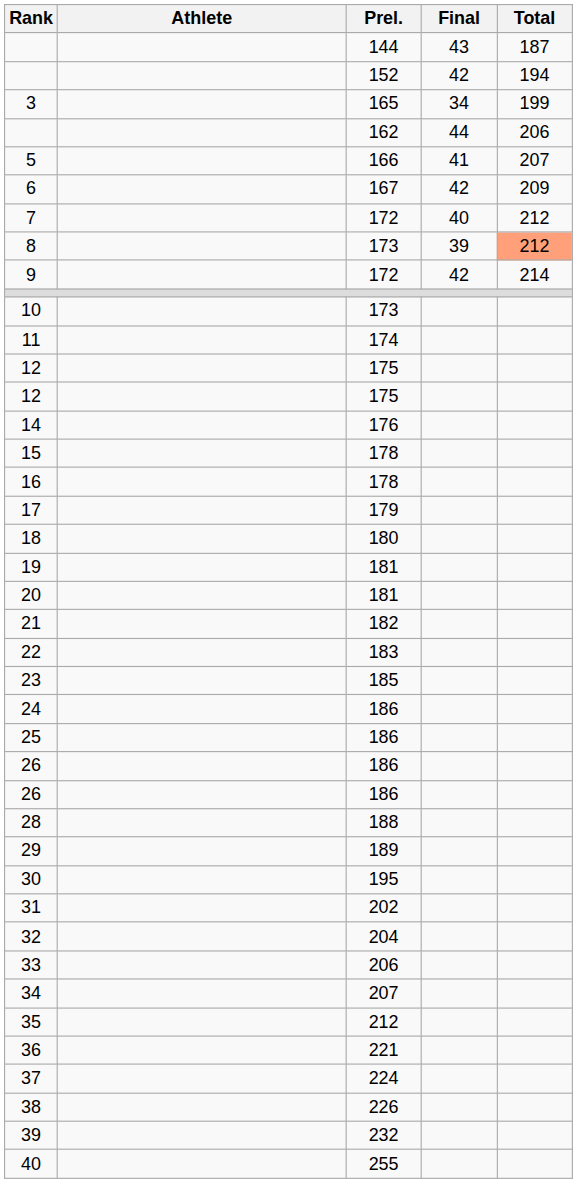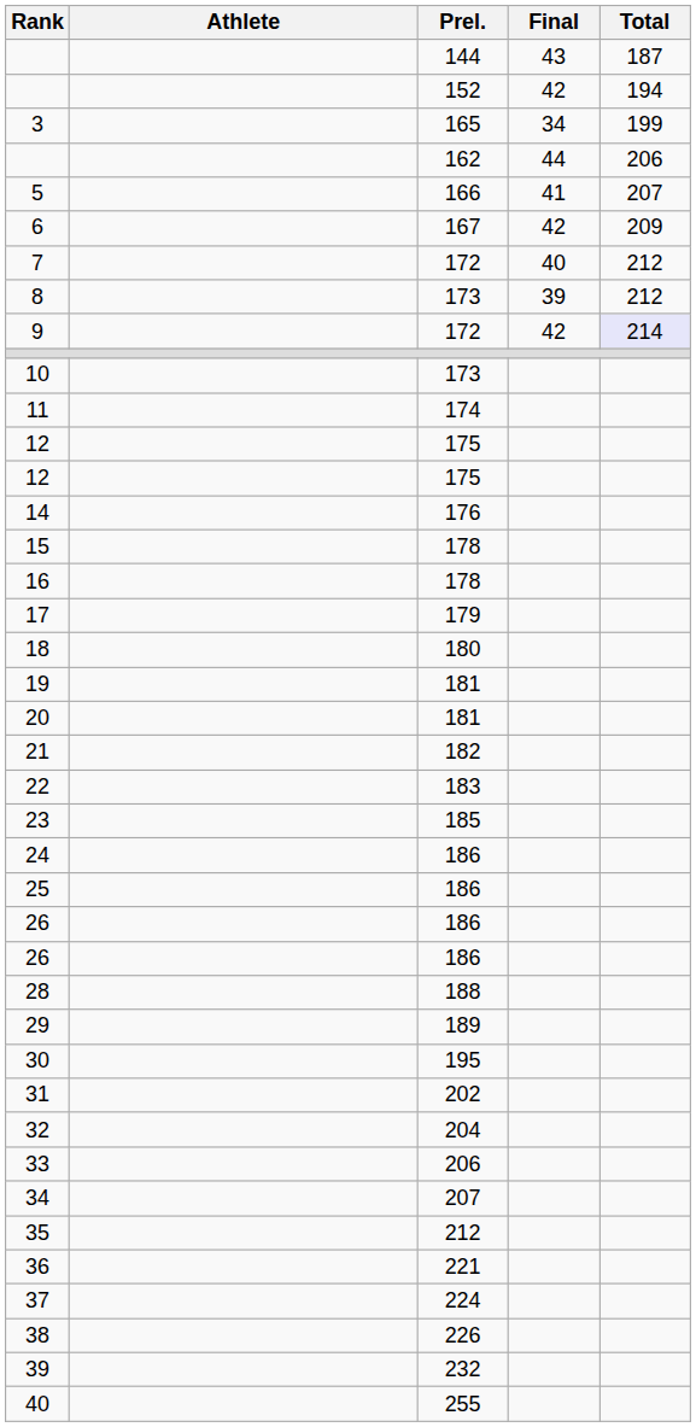 <table class=wikitable style="text-align:center">
 <tr>
 <th width=40>Rank</th>
 <th width=250>Athlete</th>
 <th width=60>Prel.</th>
 <th width=60>Final</th>
 <th width=60>Total</th>
 </tr>
 <tr>
 <td></td>
 <td align=left></td>
 <td>144</td>
 <td>43</td>
 <td>187</td>
 </tr>
 <tr>
 <td></td>
 <td align=left></td>
 <td>152</td>
 <td>42</td>
 <td>194</td>
 </tr>
 <tr>
 <td>3</td>
 <td align=left></td>
 <td>165</td>
 <td>34</td>
 <td>199</td>
 </tr>
 <tr>
 <td></td>
 <td align=left></td>
 <td>162</td>
 <td>44</td>
 <td>206</td>
 </tr>
 <tr>
 <td>5</td>
 <td align=left></td>
 <td>166</td>
 <td>41</td>
 <td>207</td>
 </tr>
 <tr>
 <td>6</td>
 <td align=left></td>
 <td>167</td>
 <td>42</td>
 <td>209</td>
 </tr>
 <tr>
 <td>7</td>
 <td align=left></td>
 <td>172</td>
 <td>40</td>
 <td>212</td>
 </tr>
 <tr>
 <td>8</td>
 <td align=left></td>
 <td>173</td>
 <td>39</td>
-<td style="background: lightsalmon;">212</td>
+<td>212</td>
 </tr>
 <tr>
 <td>9</td>
 <td align=left></td>
 <td>172</td>
 <td>42</td>
-<td>214</td>
+<td style="background: lavender;">214</td>
 </tr>
 <tr bgcolor=#DDDDDD>
 <td colspan=5></td>
 </tr>
 <tr>
 <td>10</td>
 <td align=left></td>
 <td>173</td>
 <td></td>
 <td></td>
 </tr>
 <tr>
 <td>11</td>
 <td align=left></td>
 <td>174</td>
 <td></td>
 <td></td>
 </tr>
 <tr>
 <td>12</td>
 <td align=left></td>
 <td>175</td>
 <td></td>
 <td></td>
 </tr>
 <tr>
 <td>12</td>
 <td align=left></td>
 <td>175</td>
 <td></td>
 <td></td>
 </tr>
 <tr>
 <td>14</td>
 <td align=left></td>
 <td>176</td>
 <td></td>
 <td></td>
 </tr>
 <tr>
 <td>15</td>
 <td align=left></td>
 <td>178</td>
 <td></td>
 <td></td>
 </tr>
 <tr>
 <td>16</td>
 <td align=left></td>
 <td>178</td>
 <td></td>
 <td></td>
 </tr>
 <tr>
 <td>17</td>
 <td align=left></td>
 <td>179</td>
 <td></td>
 <td></td>
 </tr>
 <tr>
 <td>18</td>
 <td align=left></td>
 <td>180</td>
 <td></td>
 <td></td>
 </tr>
 <tr>
 <td>19</td>
 <td align=left></td>
 <td>181</td>
 <td></td>
 <td></td>
 </tr>
 <tr>
 <td>20</td>
 <td align=left></td>
 <td>181</td>
 <td></td>
 <td></td>
 </tr>
 <tr>
 <td>21</td>
 <td align=left></td>
 <td>182</td>
 <td></td>
 <td></td>
 </tr>
 <tr>
 <td>22</td>
 <td align=left></td>
 <td>183</td>
 <td></td>
 <td></td>
 </tr>
 <tr>
 <td>23</td>
 <td align=left></td>
 <td>185</td>
 <td></td>
 <td></td>
 </tr>
 <tr>
 <td>24</td>
 <td align=left></td>
 <td>186</td>
 <td></td>
 <td></td>
 </tr>
 <tr>
 <td>25</td>
 <td align=left></td>
 <td>186</td>
 <td></td>
 <td></td>
 </tr>
 <tr>
 <td>26</td>
 <td align=left></td>
 <td>186</td>
 <td></td>
 <td></td>
 </tr>
 <tr>
 <td>26</td>
 <td align=left></td>
 <td>186</td>
 <td></td>
 <td></td>
 </tr>
 <tr>
 <td>28</td>
 <td align=left></td>
 <td>188</td>
 <td></td>
 <td></td>
 </tr>
 <tr>
 <td>29</td>
 <td align=left></td>
 <td>189</td>
 <td></td>
 <td></td>
 </tr>
 <tr>
 <td>30</td>
 <td align=left></td>
 <td>195</td>
 <td></td>
 <td></td>
 </tr>
 <tr>
 <td>31</td>
 <td align=left></td>
 <td>202</td>
 <td></td>
 <td></td>
 </tr>
 <tr>
 <td>32</td>
 <td align=left></td>
 <td>204</td>
 <td></td>
 <td></td>
 </tr>
 <tr>
 <td>33</td>
 <td align=left></td>
 <td>206</td>
 <td></td>
 <td></td>
 </tr>
 <tr>
 <td>34</td>
 <td align=left></td>
 <td>207</td>
 <td></td>
 <td></td>
 </tr>
 <tr>
 <td>35</td>
 <td align=left></td>
 <td>212</td>
 <td></td>
 <td></td>
 </tr>
 <tr>
 <td>36</td>
 <td align=left></td>
 <td>221</td>
 <td></td>
 <td></td>
 </tr>
 <tr>
 <td>37</td>
 <td align=left></td>
 <td>224</td>
 <td></td>
 <td></td>
 </tr>
 <tr>
 <td>38</td>
 <td align=left></td>
 <td>226</td>
 <td></td>
 <td></td>
 </tr>
 <tr>
 <td>39</td>
 <td align=left></td>
 <td>232</td>
 <td></td>
 <td></td>
 </tr>
 <tr>
 <td>40</td>
 <td align=left></td>
 <td>255</td>
 <td></td>
 <td></td>
 </tr>
 </table>
